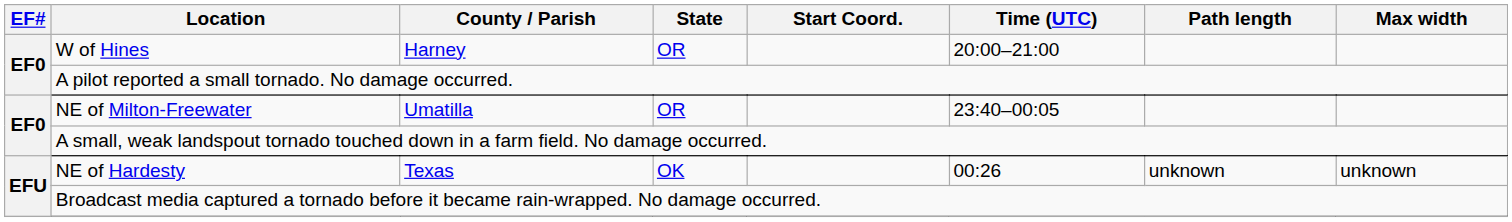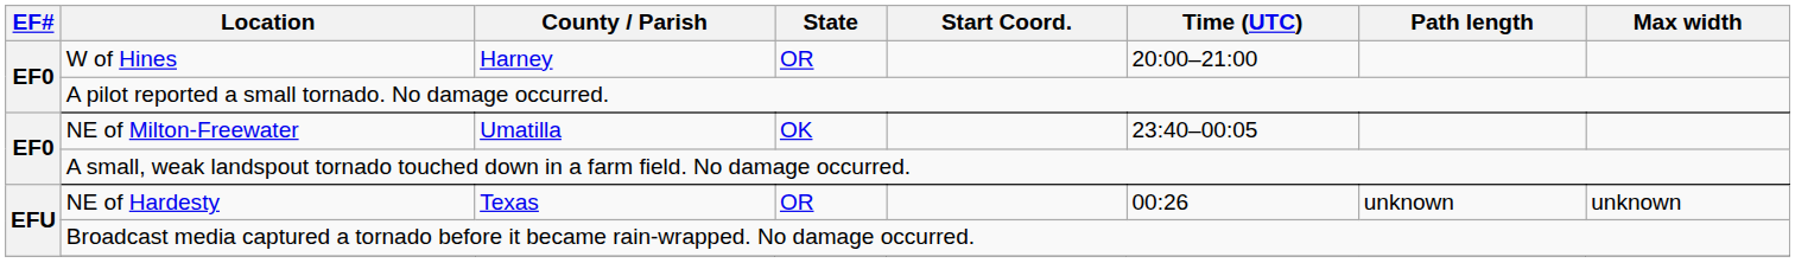 <table class="wikitable sortable" style="width:100%;">
 <tr>
 <th scope="col" width="2%" align="center"><a href='#'>EF#</a></th>
 <th scope="col" align="center" class="unsortable">Location</th>
 <th scope="col" align="center" class="unsortable">County / Parish</th>
 <th scope="col" align="center">State</th>
 <th scope="col" align="center">Start Coord.</th>
 <th scope="col" align="center">Time (<a href='#'>UTC</a>)</th>
 <th scope="col" align="center">Path length</th>
 <th scope="col" align="center">Max width</th>
 </tr>
 <tr>
 <th scope="row" rowspan="2" style="background-color:#">EF0</th>
 <td>W of <a href='#'>Hines</a></td>
 <td><a href='#'>Harney</a></td>
 <td><a href='#'>OR</a></td>
 <td></td>
 <td>20:00–21:00</td>
 <td></td>
 <td></td>
 </tr>
 <tr class="expand-child">
 <td colspan="8" style=" border-bottom: 1px solid black;">A pilot reported a small tornado. No damage occurred.</td>
 </tr>
 <tr>
 <th scope="row" rowspan="2" style="background-color:#">EF0</th>
 <td>NE of <a href='#'>Milton-Freewater</a></td>
 <td><a href='#'>Umatilla</a></td>
-<td><a href='#'>OR</a></td>
+<td><a href='#'>OK</a></td>
 <td></td>
 <td>23:40–00:05</td>
 <td></td>
 <td></td>
 </tr>
 <tr class="expand-child">
 <td colspan="8" style=" border-bottom: 1px solid black;">A small, weak landspout tornado touched down in a farm field. No damage occurred.</td>
 </tr>
 <tr>
 <th scope="row" rowspan="2" style="background-color:#">EFU</th>
 <td>NE of <a href='#'>Hardesty</a></td>
 <td><a href='#'>Texas</a></td>
-<td><a href='#'>OK</a></td>
+<td><a href='#'>OR</a></td>
 <td></td>
 <td>00:26</td>
 <td>unknown</td>
 <td>unknown</td>
 </tr>
 <tr class="expand-child">
 <td colspan="8" style=" border-bottom: 1px solid black;">Broadcast media captured a tornado before it became rain-wrapped. No damage occurred.</td>
 </tr>
 <tr>
 </tr>
 </table>
